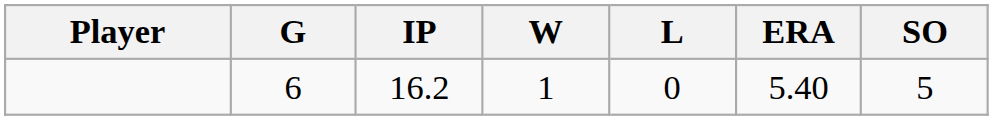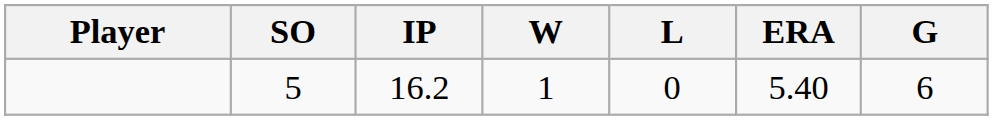 <table class="wikitable sortable">
 <tr>
 <th bgcolor="#DDDDFF" width="16%">Player</th>
-<th bgcolor="#DDDDFF" width="9%">G</th>
+<th bgcolor="#DDDDFF" width="9%">SO</th>
 <th bgcolor="#DDDDFF" width="9%">IP</th>
 <th bgcolor="#DDDDFF" width="9%">W</th>
 <th bgcolor="#DDDDFF" width="9%">L</th>
 <th bgcolor="#DDDDFF" width="9%">ERA</th>
-<th bgcolor="#DDDDFF" width="9%">SO</th>
+<th bgcolor="#DDDDFF" width="9%">G</th>
 </tr>
 <tr align="center">
 <td></td>
-<td>6</td>
+<td>5</td>
 <td>16.2</td>
 <td>1</td>
 <td>0</td>
 <td>5.40</td>
-<td>5</td>
+<td>6</td>
 </tr>
 </table>
